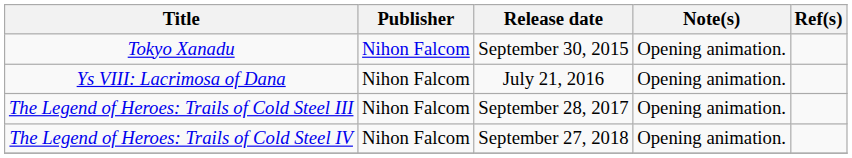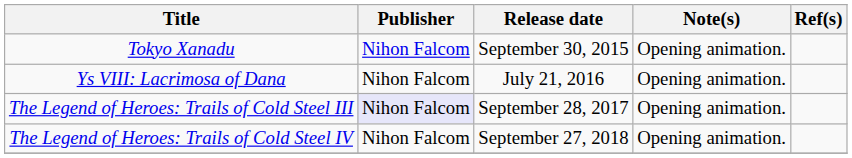 <table class="wikitable sortable" style="text-align:center; margin=auto; ">
 <tr>
 <th scope="col">Title</th>
 <th scope="col">Publisher</th>
 <th scope="col">Release date</th>
 <th scope="col" class="unsortable">Note(s)</th>
 <th scope="col" class="unsortable">Ref(s)</th>
 </tr>
 <tr>
 <td><em><a href='#'>Tokyo Xanadu</a></em></td>
 <td><a href='#'>Nihon Falcom</a></td>
 <td>September 30, 2015</td>
 <td align=left>Opening animation.</td>
 <td></td>
 </tr>
 <tr>
 <td><em><a href='#'>Ys VIII: Lacrimosa of Dana</a></em></td>
 <td>Nihon Falcom</td>
 <td>July 21, 2016</td>
 <td align=left>Opening animation.</td>
 <td></td>
 </tr>
 <tr>
 <td><em><a href='#'>The Legend of Heroes: Trails of Cold Steel III</a></em></td>
-<td>Nihon Falcom</td>
+<td style="background: lavender;">Nihon Falcom</td>
 <td>September 28, 2017</td>
 <td align=left>Opening animation.</td>
 <td></td>
 </tr>
 <tr>
 <td><em><a href='#'>The Legend of Heroes: Trails of Cold Steel IV</a></em></td>
 <td>Nihon Falcom</td>
 <td>September 27, 2018</td>
 <td align=left>Opening animation.</td>
 <td></td>
 </tr>
 <tr>
 </tr>
 </table>
